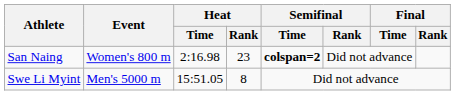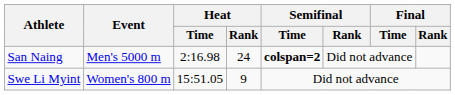 <table class=wikitable style="font-size:90%">
 <tr>
 <th rowspan="2">Athlete</th>
 <th rowspan="2">Event</th>
 <th colspan="2">Heat</th>
 <th colspan="2">Semifinal</th>
 <th colspan="2">Final</th>
 </tr>
 <tr style="font-size:95%">
 <th>Time</th>
 <th>Rank</th>
 <th>Time</th>
 <th>Rank</th>
 <th>Time</th>
 <th>Rank</th>
 </tr>
 <tr align=center>
 <td align=left><a href='#'>San Naing</a></td>
-<td align=left><a href='#'>Women's 800 m</a></td>
+<td align=left><a href='#'>Men's 5000 m</a></td>
 <td>2:16.98</td>
-<td>23</td>
+<td>24</td>
 <td><strong>colspan=2 </strong></td>
 <td colspan=2>Did not advance</td>
 </tr>
 <tr align=center>
 <td align=left><a href='#'>Swe Li Myint</a></td>
-<td align=left><a href='#'>Men's 5000 m</a></td>
+<td align=left><a href='#'>Women's 800 m</a></td>
 <td>15:51.05</td>
-<td>8</td>
+<td>9</td>
 <td colspan=4>Did not advance</td>
 </tr>
 </table>
